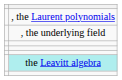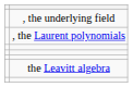 <table class="wikitable" style="text-align: center;">
 <tr>
 <th></th>
 <th></th>
 </tr>
 <tr>
 <td></td>
-<td>, the <a href='#'>Laurent polynomials</a></td>
+<td>, the underlying field</td>
 </tr>
 <tr>
 <td></td>
-<td>, the underlying field</td>
+<td>, the <a href='#'>Laurent polynomials</a></td>
 </tr>
 <tr>
 <td></td>
 <td></td>
 </tr>
 <tr>
 <td></td>
 <td></td>
 </tr>
 <tr>
 <td></td>
 <td></td>
 </tr>
 <tr>
 <td></td>
-<td style="background: paleturquoise;">the <a href='#'>Leavitt algebra</a></td>
+<td>the <a href='#'>Leavitt algebra</a></td>
 </tr>
 <tr>
 <td></td>
 <td></td>
 </tr>
 </table>
